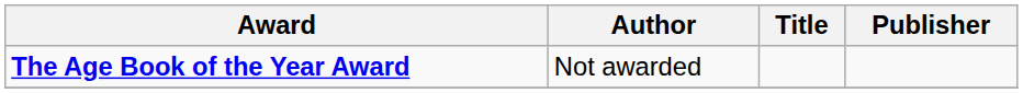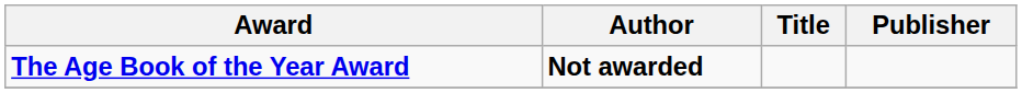 <table class="wikitable" width=100%>
 <tr>
 <th>Award</th>
 <th>Author</th>
 <th>Title</th>
 <th>Publisher</th>
 </tr>
 <tr>
 <td><strong><a href='#'>The Age Book of the Year Award</a></strong></td>
-<td>Not awarded</td>
+<td><strong>Not awarded</strong></td>
 <td></td>
 <td></td>
 </tr>
 <tr>
 </tr>
 </table>
